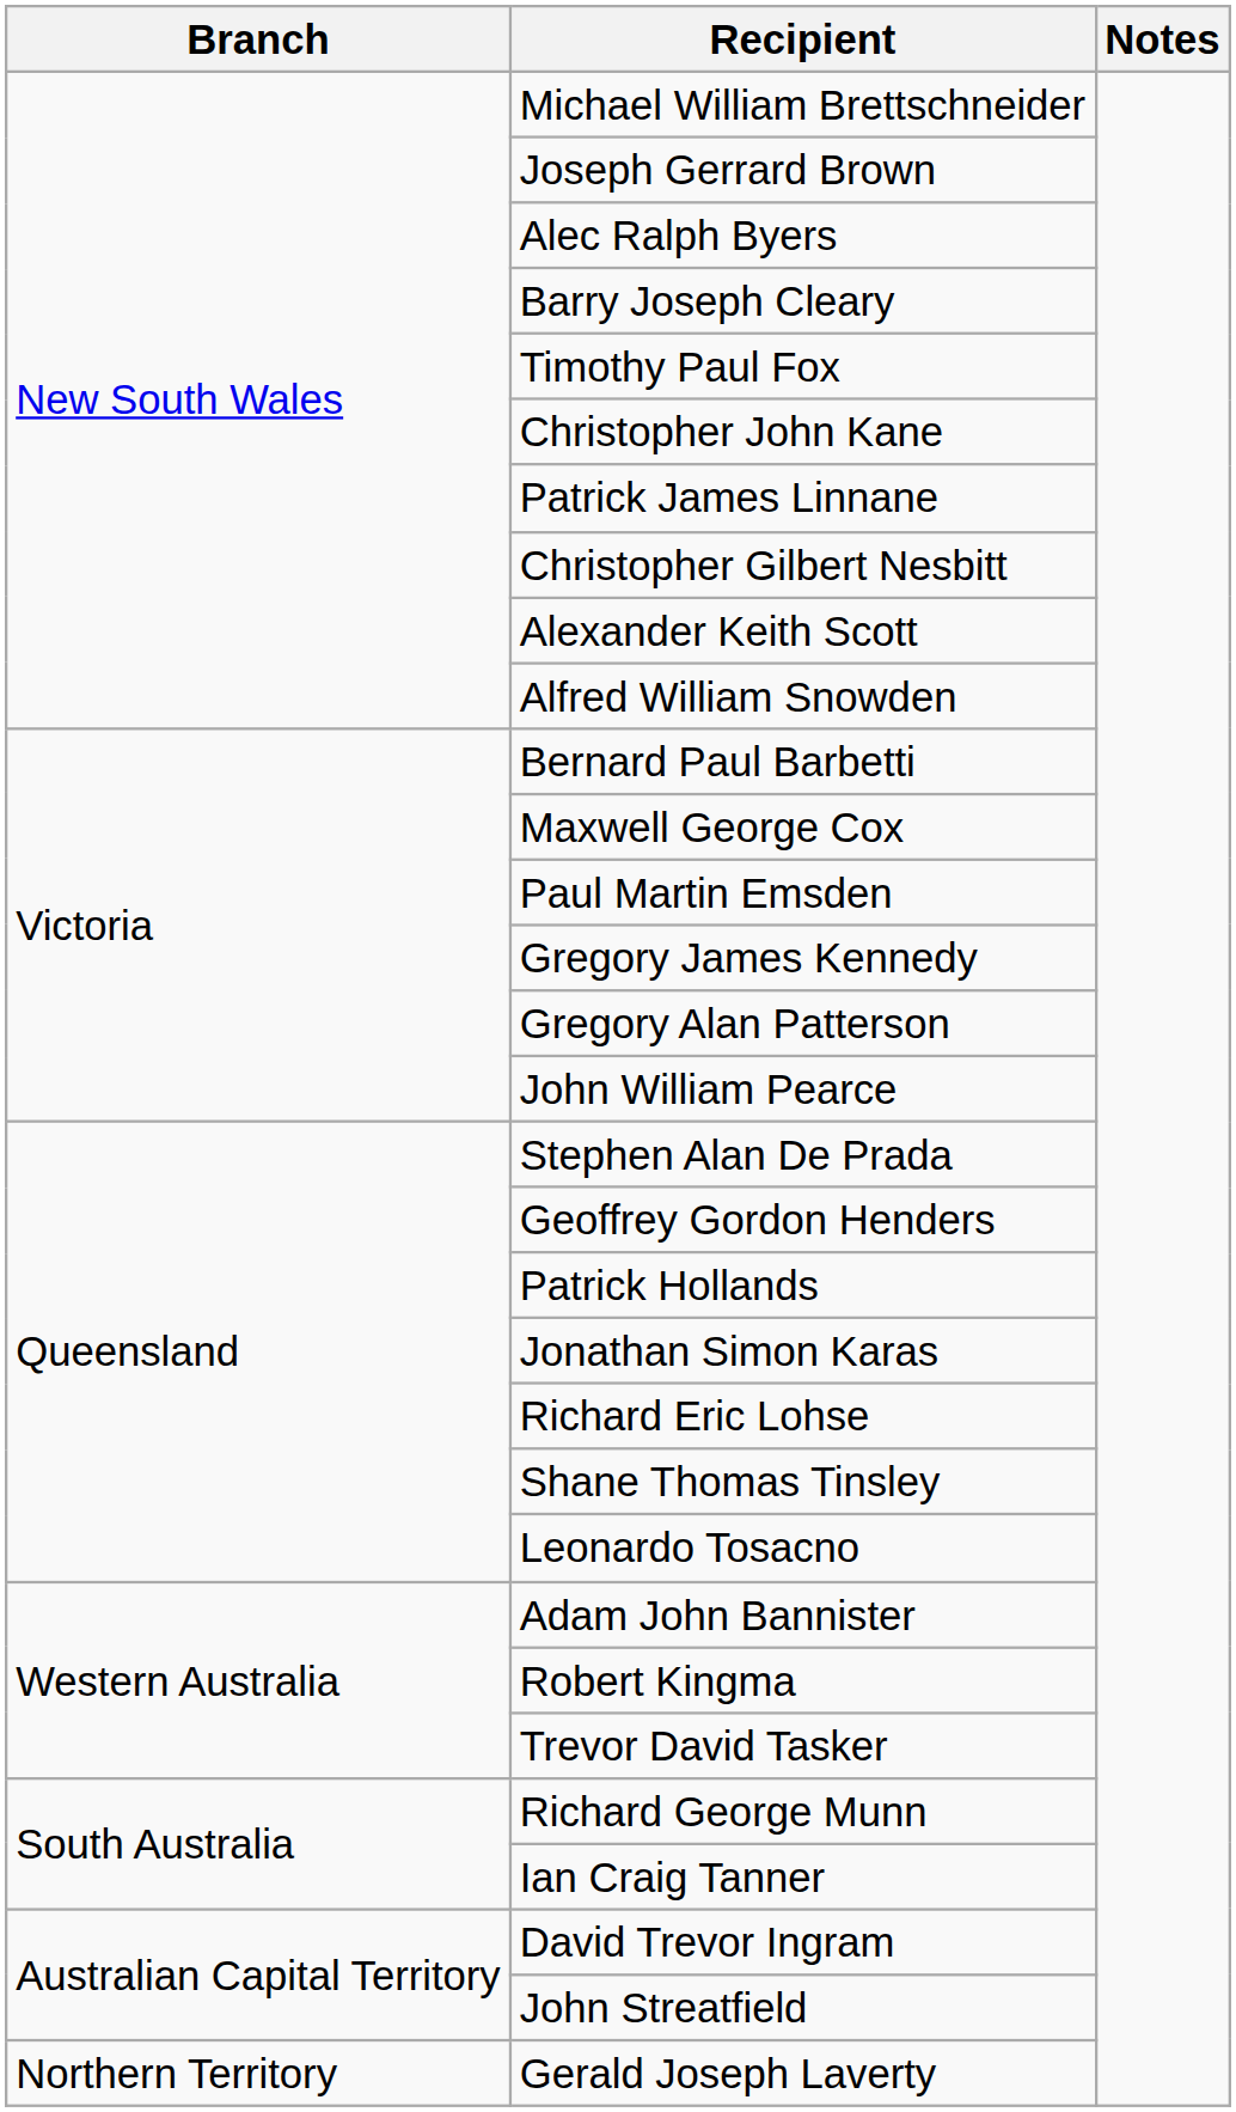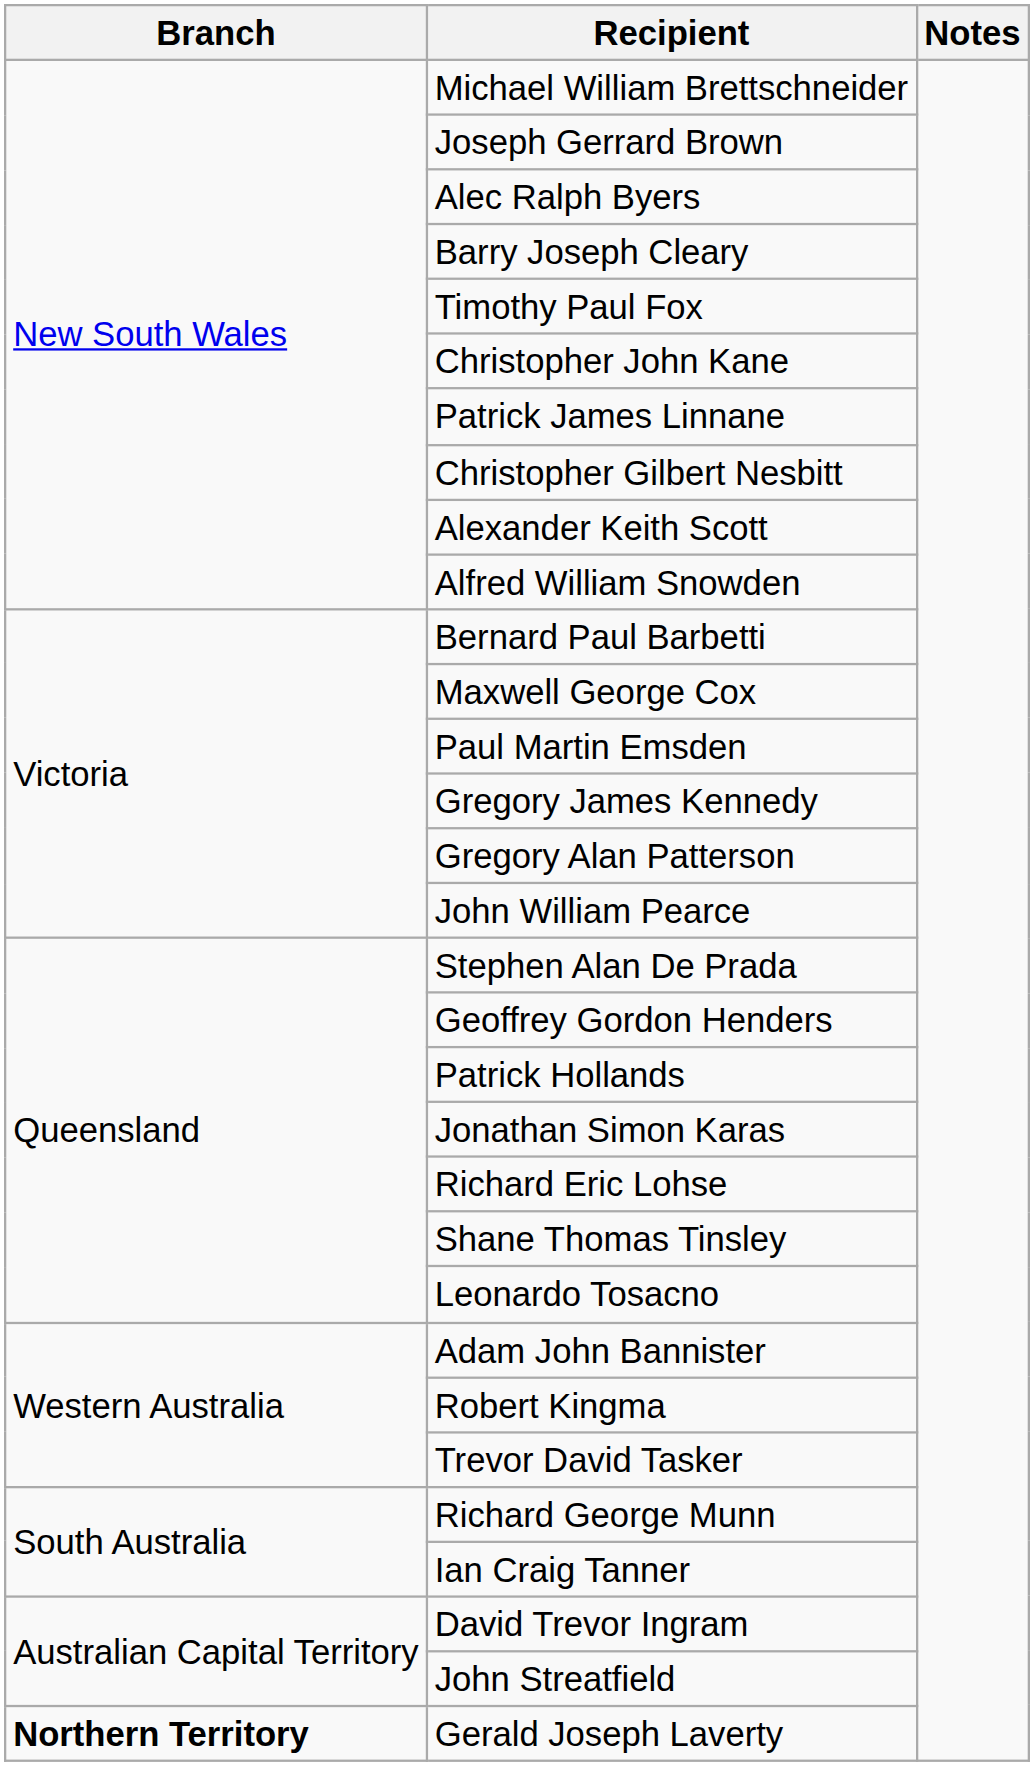 <table class="wikitable" style="font-size:95%;">
 <tr>
 <th>Branch</th>
 <th>Recipient</th>
 <th>Notes</th>
 </tr>
 <tr>
 <td rowspan=10><a href='#'>New South Wales</a></td>
 <td>Michael William Brettschneider</td>
 <td rowspan=31></td>
 </tr>
 <tr>
 <td>Joseph Gerrard Brown</td>
 </tr>
 <tr>
 <td>Alec Ralph Byers</td>
 </tr>
 <tr>
 <td>Barry Joseph Cleary</td>
 </tr>
 <tr>
 <td>Timothy Paul Fox</td>
 </tr>
 <tr>
 <td>Christopher John Kane</td>
 </tr>
 <tr>
 <td>Patrick James Linnane</td>
 </tr>
 <tr>
 <td>Christopher Gilbert Nesbitt</td>
 </tr>
 <tr>
 <td>Alexander Keith Scott</td>
 </tr>
 <tr>
 <td>Alfred William Snowden</td>
 </tr>
 <tr>
 <td rowspan=6>Victoria</td>
 <td>Bernard Paul Barbetti</td>
 </tr>
 <tr>
 <td>Maxwell George Cox </td>
 </tr>
 <tr>
 <td>Paul Martin Emsden</td>
 </tr>
 <tr>
 <td>Gregory James Kennedy</td>
 </tr>
 <tr>
 <td>Gregory Alan Patterson</td>
 </tr>
 <tr>
 <td>John William Pearce</td>
 </tr>
 <tr>
 <td rowspan=7>Queensland</td>
 <td>Stephen Alan De Prada</td>
 </tr>
 <tr>
 <td>Geoffrey Gordon Henders</td>
 </tr>
 <tr>
 <td>Patrick Hollands</td>
 </tr>
 <tr>
 <td>Jonathan Simon Karas</td>
 </tr>
 <tr>
 <td>Richard Eric Lohse</td>
 </tr>
 <tr>
 <td>Shane Thomas Tinsley</td>
 </tr>
 <tr>
 <td>Leonardo Tosacno</td>
 </tr>
 <tr>
 <td rowspan=3>Western Australia</td>
 <td>Adam John Bannister</td>
 </tr>
 <tr>
 <td>Robert Kingma</td>
 </tr>
 <tr>
 <td>Trevor David Tasker</td>
 </tr>
 <tr>
 <td rowspan=2>South Australia</td>
 <td>Richard George Munn</td>
 </tr>
 <tr>
 <td>Ian Craig Tanner</td>
 </tr>
 <tr>
 <td rowspan=2>Australian Capital Territory</td>
 <td>David Trevor Ingram</td>
 </tr>
 <tr>
 <td>John Streatfield</td>
 </tr>
 <tr>
-<td>Northern Territory</td>
+<td><strong>Northern Territory</strong></td>
 <td>Gerald Joseph Laverty</td>
 </tr>
 </table>
